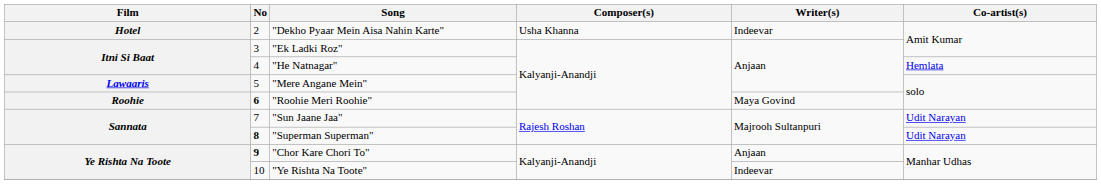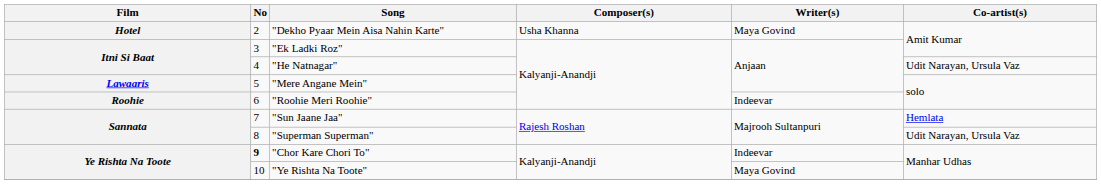 <table class="wikitable plainrowheaders" width="100%" textcolor:#000;">
 <tr style="background:#b0e0e66;">
 <th scope="col" width=23%><strong>Film</strong></th>
 <th><strong>No</strong></th>
 <th scope="col" width=23%><strong>Song</strong></th>
 <th scope="col" width=20%><strong>Composer(s)</strong></th>
 <th scope="col" width=16%><strong>Writer(s)</strong></th>
 <th scope="col" width=18%><strong>Co-artist(s)</strong></th>
 </tr>
 <tr>
 <th><em>Hotel</em></th>
 <td>2</td>
 <td>"Dekho Pyaar Mein Aisa Nahin Karte"</td>
 <td>Usha Khanna</td>
-<td>Indeevar</td>
+<td>Maya Govind</td>
 <td rowspan="2">Amit Kumar</td>
 </tr>
 <tr>
 <th rowspan="2"><em>Itni Si Baat</em></th>
 <td>3</td>
 <td>"Ek Ladki Roz"</td>
 <td rowspan="4">Kalyanji-Anandji</td>
 <td rowspan="3">Anjaan</td>
 </tr>
 <tr>
 <td>4</td>
 <td>"He Natnagar"</td>
-<td><a href='#'>Hemlata</a></td>
+<td>Udit Narayan, Ursula Vaz</td>
 </tr>
 <tr>
 <th><em><a href='#'>Lawaaris</a></em></th>
 <td>5</td>
 <td>"Mere Angane Mein"</td>
 <td rowspan="2">solo</td>
 </tr>
 <tr>
 <th><em>Roohie</em></th>
-<td><strong>6</strong></td>
+<td>6</td>
 <td>"Roohie Meri Roohie"</td>
-<td>Maya Govind</td>
+<td>Indeevar</td>
 </tr>
 <tr>
 <th rowspan=2><em>Sannata</em></th>
 <td>7</td>
 <td>"Sun Jaane Jaa"</td>
 <td rowspan=2><a href='#'>Rajesh Roshan</a></td>
 <td rowspan=2>Majrooh Sultanpuri</td>
-<td><a href='#'>Udit Narayan</a></td>
+<td><a href='#'>Hemlata</a></td>
 </tr>
 <tr>
-<td><strong>8</strong></td>
+<td>8</td>
 <td>"Superman Superman"</td>
-<td><a href='#'>Udit Narayan</a></td>
+<td>Udit Narayan, Ursula Vaz</td>
 </tr>
 <tr>
 <th rowspan=2><em>Ye Rishta Na Toote</em></th>
 <td><strong>9</strong></td>
 <td>"Chor Kare Chori To"</td>
 <td rowspan=2>Kalyanji-Anandji</td>
-<td>Anjaan</td>
+<td>Indeevar</td>
 <td rowspan=2>Manhar Udhas</td>
 </tr>
 <tr>
 <td>10</td>
 <td>"Ye Rishta Na Toote"</td>
-<td>Indeevar</td>
+<td>Maya Govind</td>
 </tr>
 <tr>
 </tr>
 </table>
